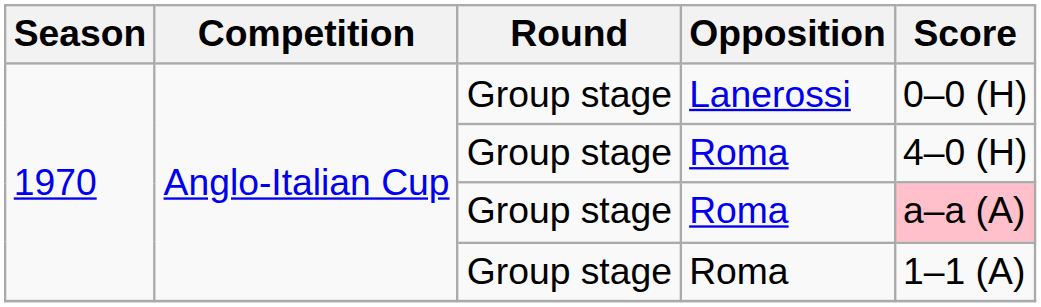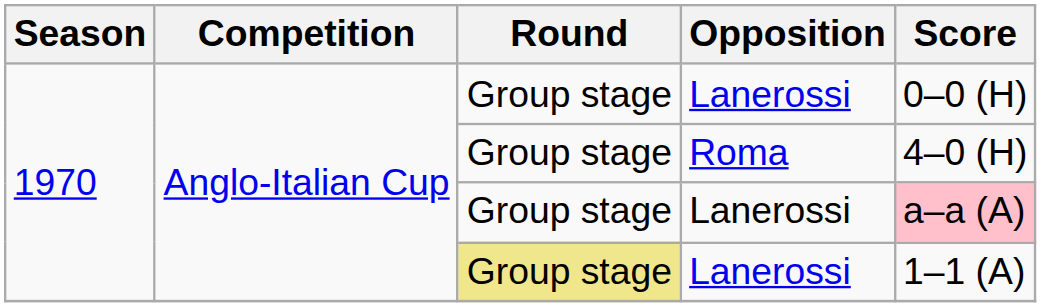 <table class="wikitable">
 <tr>
 <th>Season</th>
 <th>Competition</th>
 <th>Round</th>
 <th>Opposition</th>
 <th>Score</th>
 </tr>
 <tr>
 <td rowspan="4"><a href='#'>1970</a></td>
 <td rowspan="4"><a href='#'>Anglo-Italian Cup</a></td>
 <td>Group stage</td>
 <td> <a href='#'>Lanerossi</a></td>
 <td>0–0 (H)</td>
 </tr>
 <tr>
 <td>Group stage</td>
 <td> <a href='#'>Roma</a></td>
 <td>4–0 (H)</td>
 </tr>
 <tr>
 <td>Group stage</td>
-<td> <a href='#'>Roma</a></td>
+<td> Lanerossi</td>
 <td style="background: pink;">a–a (A)</td>
 </tr>
 <tr>
-<td>Group stage</td>
-<td> Roma</td>
+<td style="background: khaki;">Group stage</td>
+<td> <a href='#'>Lanerossi</a></td>
 <td>1–1 (A)</td>
 </tr>
 <tr>
 </tr>
 </table>
